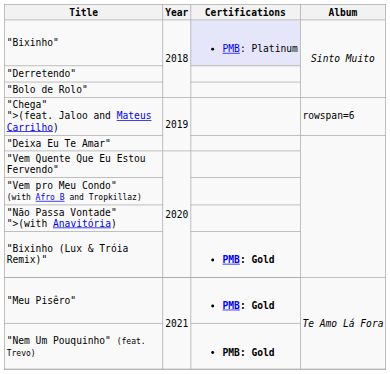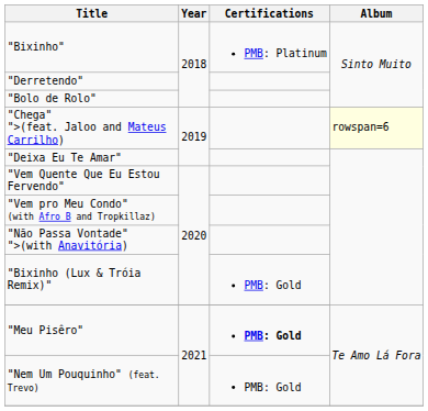 <table class="wikitable">
 <tr>
 <th style="width:16em;">Title</th>
 <th>Year</th>
 <th>Certifications</th>
 <th>Album</th>
 </tr>
 <tr>
 <td>"Bixinho"</td>
 <td rowspan=3>2018</td>
-<td style="background: lavender;"><br><ul><li><a href='#'>PMB</a>: Platinum</li></ul></td>
+<td><br><ul><li><a href='#'>PMB</a>: Platinum</li></ul></td>
 <td align="center" rowspan=3><em>Sinto Muito</em></td>
 </tr>
 <tr>
 <td>"Derretendo"</td>
 <td></td>
 </tr>
 <tr>
 <td>"Bolo de Rolo"</td>
 <td></td>
 </tr>
 <tr>
 <td>"Chega"<br><span>">(feat. Jaloo and <a href='#'>Mateus Carrilho</a>)</span></td>
 <td rowspan=2>2019</td>
 <td></td>
-<td>rowspan=6 </td>
+<td style="background: lightyellow;">rowspan=6 </td>
 </tr>
 <tr>
 <td>"Deixa Eu Te Amar"</td>
 <td></td>
 </tr>
 <tr>
 <td>"Vem Quente Que Eu Estou Fervendo"</td>
 <td rowspan="4">2020</td>
 <td></td>
 </tr>
 <tr>
 <td>"Vem pro Meu Condo"<br><small>(with <a href='#'>Afro B</a> and Tropkillaz)</small></td>
 <td></td>
 </tr>
 <tr>
 <td>"Não Passa Vontade"<br><span>">(with <a href='#'>Anavitória</a>)</span></td>
 <td></td>
 </tr>
 <tr>
 <td>"Bixinho (Lux & Tróia Remix)"</td>
-<td><strong><br><ul><li><a href='#'>PMB</a>: Gold</li></ul></strong></td>
+<td><br><ul><li><a href='#'>PMB</a>: Gold</li></ul></td>
 </tr>
 <tr>
 </tr>
 <tr>
 <td>"Meu Pisêro"</td>
 <td rowspan="2">2021</td>
 <td><strong><br><ul><li><a href='#'>PMB</a>: Gold </li></ul></strong></td>
 <td rowspan="2" align="center"><em>Te Amo Lá Fora</em></td>
 </tr>
 <tr>
 <td>"Nem Um Pouquinho" <small>(feat. Trevo)</small></td>
-<td><strong><br><ul><li>PMB: Gold</li></ul></strong></td>
+<td><br><ul><li>PMB: Gold</li></ul></td>
 </tr>
 <tr>
 </tr>
 </table>
